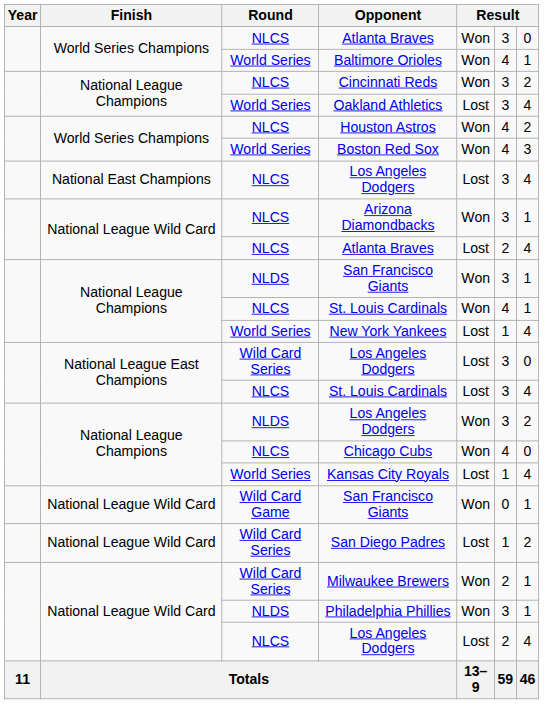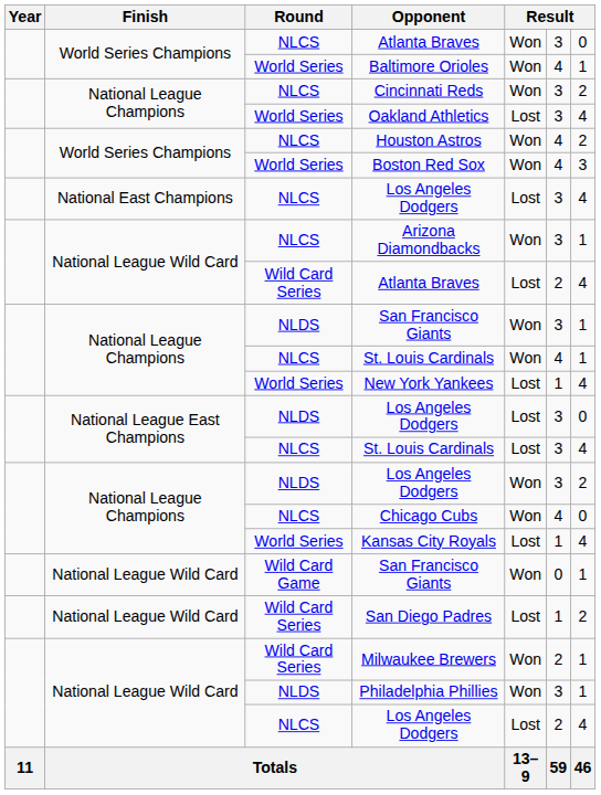 <table class="wikitable">
 <tr>
 <th colspan=1>Year</th>
 <th colspan=1>Finish</th>
 <th colspan=1>Round</th>
 <th colspan=1>Opponent</th>
 <th colspan=3>Result</th>
 </tr>
 <tr>
 <td align="center" rowspan="2"></td>
 <td align="center" rowspan="2">World Series Champions</td>
 <td align="center"><a href='#'>NLCS</a></td>
 <td align="center"><a href='#'>Atlanta Braves</a></td>
 <td align="center">Won</td>
 <td align="center">3</td>
 <td align="center">0</td>
 </tr>
 <tr>
 <td align="center"><a href='#'>World Series</a></td>
 <td align="center"><a href='#'>Baltimore Orioles</a></td>
 <td align="center">Won</td>
 <td align="center">4</td>
 <td align="center">1</td>
 </tr>
 <tr>
 <td align="center" rowspan="2"></td>
 <td align="center" rowspan="2">National League Champions</td>
 <td align="center"><a href='#'>NLCS</a></td>
 <td align="center"><a href='#'>Cincinnati Reds</a></td>
 <td align="center">Won</td>
 <td align="center">3</td>
 <td align="center">2</td>
 </tr>
 <tr>
 <td align="center"><a href='#'>World Series</a></td>
 <td align="center"><a href='#'>Oakland Athletics</a></td>
 <td align="center">Lost</td>
 <td align="center">3</td>
 <td align="center">4</td>
 </tr>
 <tr>
 <td align="center" rowspan="2"></td>
 <td align="center" rowspan="2">World Series Champions</td>
 <td align="center"><a href='#'>NLCS</a></td>
 <td align="center"><a href='#'>Houston Astros</a></td>
 <td align="center">Won</td>
 <td align="center">4</td>
 <td align="center">2</td>
 </tr>
 <tr>
 <td align="center"><a href='#'>World Series</a></td>
 <td align="center"><a href='#'>Boston Red Sox</a></td>
 <td align="center">Won</td>
 <td align="center">4</td>
 <td align="center">3</td>
 </tr>
 <tr>
 <td align="center"></td>
 <td align="center">National East Champions</td>
 <td align="center"><a href='#'>NLCS</a></td>
 <td align="center"><a href='#'>Los Angeles Dodgers</a></td>
 <td align="center">Lost</td>
 <td align="center">3</td>
 <td align="center">4</td>
 </tr>
 <tr>
 <td align="center" rowspan="2"></td>
 <td align="center" rowspan="2">National League Wild Card</td>
 <td align="center"><a href='#'>NLCS</a></td>
 <td align="center"><a href='#'>Arizona Diamondbacks</a></td>
 <td align="center">Won</td>
 <td align="center">3</td>
 <td align="center">1</td>
 </tr>
 <tr>
-<td align="center"><a href='#'>NLCS</a></td>
+<td align="center"><a href='#'>Wild Card Series</a></td>
 <td align="center"><a href='#'>Atlanta Braves</a></td>
 <td align="center">Lost</td>
 <td align="center">2</td>
 <td align="center">4</td>
 </tr>
 <tr>
 <td align="center" rowspan="3"></td>
 <td align="center" rowspan="3">National League Champions</td>
 <td align="center"><a href='#'>NLDS</a></td>
 <td align="center"><a href='#'>San Francisco Giants</a></td>
 <td align="center">Won</td>
 <td align="center">3</td>
 <td align="center">1</td>
 </tr>
 <tr>
 <td align="center"><a href='#'>NLCS</a></td>
 <td align="center"><a href='#'>St. Louis Cardinals</a></td>
 <td align="center">Won</td>
 <td align="center">4</td>
 <td align="center">1</td>
 </tr>
 <tr>
 <td align="center"><a href='#'>World Series</a></td>
 <td align="center"><a href='#'>New York Yankees</a></td>
 <td align="center">Lost</td>
 <td align="center">1</td>
 <td align="center">4</td>
 </tr>
 <tr>
 <td align="center" rowspan="2"></td>
 <td align="center" rowspan="2">National League East Champions</td>
-<td align="center"><a href='#'>Wild Card Series</a></td>
+<td align="center"><a href='#'>NLDS</a></td>
 <td align="center"><a href='#'>Los Angeles Dodgers</a></td>
 <td align="center">Lost</td>
 <td align="center">3</td>
 <td align="center">0</td>
 </tr>
 <tr>
 <td align="center"><a href='#'>NLCS</a></td>
 <td align="center"><a href='#'>St. Louis Cardinals</a></td>
 <td align="center">Lost</td>
 <td align="center">3</td>
 <td align="center">4</td>
 </tr>
 <tr>
 <td align="center" rowspan="3"></td>
 <td align="center" rowspan="3">National League Champions</td>
 <td align="center"><a href='#'>NLDS</a></td>
 <td align="center"><a href='#'>Los Angeles Dodgers</a></td>
 <td align="center">Won</td>
 <td align="center">3</td>
 <td align="center">2</td>
 </tr>
 <tr>
 <td align="center"><a href='#'>NLCS</a></td>
 <td align="center"><a href='#'>Chicago Cubs</a></td>
 <td align="center">Won</td>
 <td align="center">4</td>
 <td align="center">0</td>
 </tr>
 <tr>
 <td align="center"><a href='#'>World Series</a></td>
 <td align="center"><a href='#'>Kansas City Royals</a></td>
 <td align="center">Lost</td>
 <td align="center">1</td>
 <td align="center">4</td>
 </tr>
 <tr>
 <td align="center"></td>
 <td align="center">National League Wild Card</td>
 <td align="center"><a href='#'>Wild Card Game</a></td>
 <td align="center"><a href='#'>San Francisco Giants</a></td>
 <td align="center">Won</td>
 <td align="center">0</td>
 <td align="center">1</td>
 </tr>
 <tr>
 <td align="center"></td>
 <td align="center">National League Wild Card</td>
 <td align="center"><a href='#'>Wild Card Series</a></td>
 <td align="center"><a href='#'>San Diego Padres</a></td>
 <td align="center">Lost</td>
 <td align="center">1</td>
 <td align="center">2</td>
 </tr>
 <tr>
 <td align="center" rowspan="3"></td>
 <td align="center" rowspan="3">National League Wild Card</td>
 <td align="center"><a href='#'>Wild Card Series</a></td>
 <td align="center"><a href='#'>Milwaukee Brewers</a></td>
 <td align="center">Won</td>
 <td align="center">2</td>
 <td align="center">1</td>
 </tr>
 <tr>
 <td align="center"><a href='#'>NLDS</a></td>
 <td align="center"><a href='#'>Philadelphia Phillies</a></td>
 <td align="center">Won</td>
 <td align="center">3</td>
 <td align="center">1</td>
 </tr>
 <tr>
 <td align="center"><a href='#'>NLCS</a></td>
 <td align="center"><a href='#'>Los Angeles Dodgers</a></td>
 <td align="center">Lost</td>
 <td align="center">2</td>
 <td align="center">4</td>
 </tr>
 <tr>
 <th align="center">11</th>
 <th colspan="3">Totals</th>
 <th>13–9</th>
 <th>59</th>
 <th>46</th>
 </tr>
 </table>
